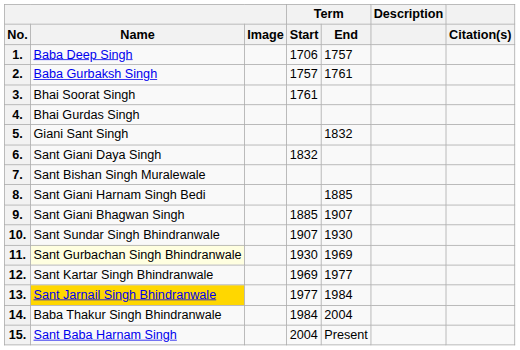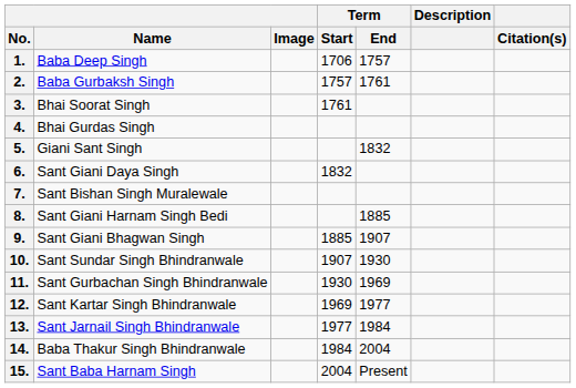 <table class="wikitable">
 <tr>
 <th colspan="3"></th>
 <th colspan="2">Term</th>
 <th>Description</th>
 <th></th>
 </tr>
 <tr>
 <th>No.</th>
 <th>Name<br></th>
 <th>Image</th>
 <th>Start</th>
 <th>End</th>
 <th></th>
 <th>Citation(s)</th>
 </tr>
 <tr>
 <th>1.</th>
 <td><a href='#'>Baba Deep Singh</a></td>
 <td></td>
 <td>1706</td>
 <td>1757</td>
 <td></td>
 <td></td>
 </tr>
 <tr>
 <th>2.</th>
 <td><a href='#'>Baba Gurbaksh Singh</a><br></td>
 <td></td>
 <td>1757</td>
 <td>1761</td>
 <td></td>
 <td></td>
 </tr>
 <tr>
 <th>3.</th>
 <td>Bhai Soorat Singh</td>
 <td></td>
 <td>1761</td>
 <td></td>
 <td></td>
 <td></td>
 </tr>
 <tr>
 <th>4.</th>
 <td>Bhai Gurdas Singh<br></td>
 <td></td>
 <td></td>
 <td></td>
 <td></td>
 <td></td>
 </tr>
 <tr>
 <th>5.</th>
 <td>Giani Sant Singh<br></td>
 <td></td>
 <td></td>
 <td>1832</td>
 <td></td>
 <td></td>
 </tr>
 <tr>
 <th>6.</th>
 <td>Sant Giani Daya Singh</td>
 <td></td>
 <td>1832</td>
 <td></td>
 <td></td>
 <td></td>
 </tr>
 <tr>
 <th>7.</th>
 <td>Sant Bishan Singh Muralewale<br></td>
 <td></td>
 <td></td>
 <td></td>
 <td></td>
 <td></td>
 </tr>
 <tr>
 <th>8.</th>
 <td>Sant Giani Harnam Singh Bedi</td>
 <td></td>
 <td></td>
 <td>1885</td>
 <td></td>
 <td></td>
 </tr>
 <tr>
 <th>9.</th>
 <td>Sant Giani Bhagwan Singh</td>
 <td></td>
 <td>1885</td>
 <td>1907</td>
 <td></td>
 <td></td>
 </tr>
 <tr>
 <th>10.</th>
 <td>Sant Sundar Singh Bhindranwale<br></td>
 <td></td>
 <td>1907</td>
 <td>1930</td>
 <td></td>
 <td></td>
 </tr>
 <tr>
 <th>11.</th>
-<td style="background: lightyellow;">Sant Gurbachan Singh Bhindranwale<br></td>
+<td>Sant Gurbachan Singh Bhindranwale<br></td>
 <td></td>
 <td>1930</td>
 <td>1969</td>
 <td></td>
 <td></td>
 </tr>
 <tr>
 <th>12.</th>
 <td>Sant Kartar Singh Bhindranwale<br></td>
 <td></td>
 <td>1969</td>
 <td>1977</td>
 <td></td>
 <td></td>
 </tr>
 <tr>
 <th>13.</th>
-<td style="background: gold;"><a href='#'>Sant Jarnail Singh Bhindranwale</a><br></td>
+<td><a href='#'>Sant Jarnail Singh Bhindranwale</a><br></td>
 <td></td>
 <td>1977</td>
 <td>1984</td>
 <td></td>
 <td></td>
 </tr>
 <tr>
 <th>14.</th>
 <td>Baba Thakur Singh Bhindranwale<br></td>
 <td></td>
 <td>1984</td>
 <td>2004</td>
 <td></td>
 <td><br></td>
 </tr>
 <tr>
 <th>15.</th>
 <td><a href='#'>Sant Baba Harnam Singh</a></td>
 <td></td>
 <td>2004</td>
 <td>Present</td>
 <td></td>
 <td></td>
 </tr>
 </table>
